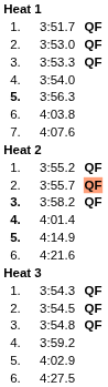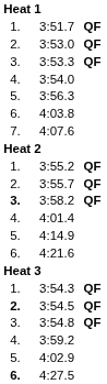 <table style="text-align:center">
 <tr>
 <td colspan=4 align=left><strong>Heat 1</strong></td>
 </tr>
 <tr>
 <td width=30>1.</td>
 <td align=left></td>
 <td width=60>3:51.7</td>
 <td><strong>QF</strong></td>
 </tr>
 <tr>
 <td>2.</td>
 <td align=left></td>
 <td>3:53.0</td>
 <td><strong>QF</strong></td>
 </tr>
 <tr>
 <td>3.</td>
 <td align=left></td>
 <td>3:53.3</td>
 <td><strong>QF</strong></td>
 </tr>
 <tr>
 <td>4.</td>
 <td align=left></td>
 <td>3:54.0</td>
 <td></td>
 </tr>
 <tr>
-<td><strong>5.</strong></td>
+<td>5.</td>
 <td align=left></td>
 <td>3:56.3</td>
 <td></td>
 </tr>
 <tr>
 <td>6.</td>
 <td align=left></td>
 <td>4:03.8</td>
 <td></td>
 </tr>
 <tr>
 <td>7.</td>
 <td align=left></td>
 <td>4:07.6</td>
 <td></td>
 </tr>
 <tr>
 <td colspan=4 align=left><strong>Heat 2</strong></td>
 </tr>
 <tr>
 <td>1.</td>
 <td align=left></td>
 <td>3:55.2</td>
 <td><strong>QF</strong></td>
 </tr>
 <tr>
 <td>2.</td>
 <td align=left></td>
 <td>3:55.7</td>
-<td style="background: lightsalmon;"><strong>QF</strong></td>
+<td><strong>QF</strong></td>
 </tr>
 <tr>
 <td><strong>3.</strong></td>
 <td align=left></td>
 <td>3:58.2</td>
 <td><strong>QF</strong></td>
 </tr>
 <tr>
-<td><strong>4.</strong></td>
+<td>4.</td>
 <td align=left></td>
 <td>4:01.4</td>
 <td></td>
 </tr>
 <tr>
-<td><strong>5.</strong></td>
+<td>5.</td>
 <td align=left></td>
 <td>4:14.9</td>
 <td></td>
 </tr>
 <tr>
 <td>6.</td>
 <td align=left></td>
 <td>4:21.6</td>
 <td></td>
 </tr>
 <tr>
 <td colspan=4 align=left><strong>Heat 3</strong></td>
 </tr>
 <tr>
 <td>1.</td>
 <td align=left></td>
 <td>3:54.3</td>
 <td><strong>QF</strong></td>
 </tr>
 <tr>
-<td>2.</td>
+<td><strong>2.</strong></td>
 <td align=left></td>
 <td>3:54.5</td>
 <td><strong>QF</strong></td>
 </tr>
 <tr>
 <td>3.</td>
 <td align=left></td>
 <td>3:54.8</td>
 <td><strong>QF</strong></td>
 </tr>
 <tr>
 <td>4.</td>
 <td align=left></td>
 <td>3:59.2</td>
 <td></td>
 </tr>
 <tr>
 <td>5.</td>
 <td align=left></td>
 <td>4:02.9</td>
 <td></td>
 </tr>
 <tr>
-<td>6.</td>
+<td><strong>6.</strong></td>
 <td align=left></td>
 <td>4:27.5</td>
 <td></td>
 </tr>
 </table>
